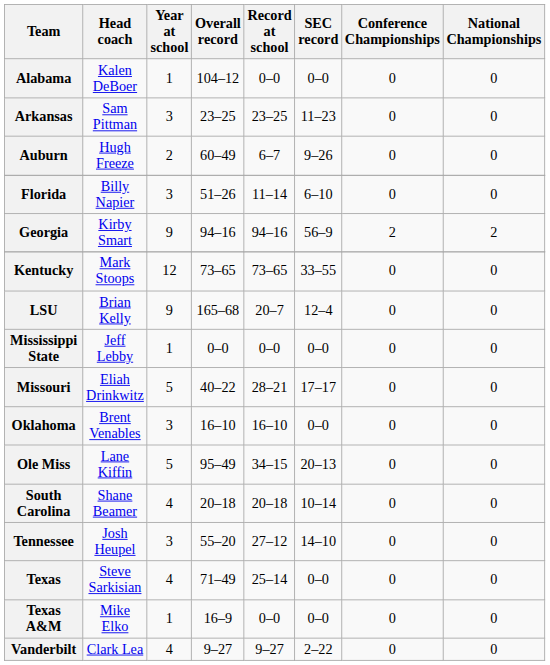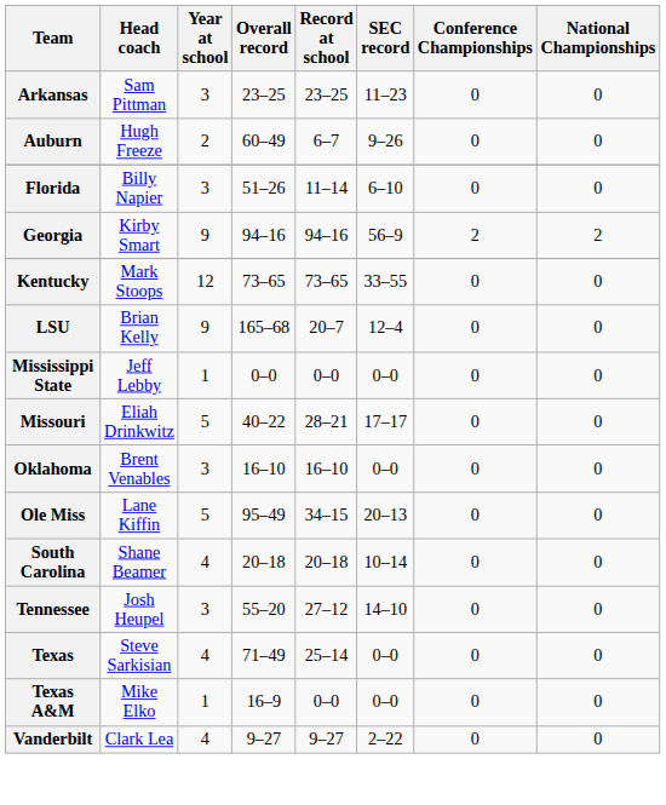 <table class="wikitable sortable" style="text-align: center;">
 <tr>
 <th style="width:110px;">Team</th>
 <th>Head coach</th>
 <th>Year at school</th>
 <th>Overall record</th>
 <th>Record at school</th>
 <th>SEC record</th>
 <th>Conference Championships</th>
 <th>National Championships</th>
-</tr>
-<tr>
-<th>Alabama</th>
-<td><a href='#'>Kalen DeBoer</a></td>
-<td>1</td>
-<td>104–12</td>
-<td>0–0</td>
-<td>0–0</td>
-<td>0</td>
-<td>0</td>
 </tr>
 <tr>
 <th>Arkansas</th>
 <td><a href='#'>Sam Pittman</a></td>
 <td>3</td>
 <td>23–25</td>
 <td>23–25</td>
 <td>11–23</td>
 <td>0</td>
 <td>0</td>
 </tr>
 <tr>
 <th>Auburn</th>
 <td><a href='#'>Hugh Freeze</a></td>
 <td>2</td>
 <td>60–49</td>
 <td>6–7</td>
 <td>9–26</td>
 <td>0</td>
 <td>0</td>
 </tr>
 <tr>
 </tr>
 <tr>
 <th>Florida</th>
 <td><a href='#'>Billy Napier</a></td>
 <td>3</td>
 <td>51–26</td>
 <td>11–14</td>
 <td>6–10</td>
 <td>0</td>
 <td>0</td>
 </tr>
 <tr>
 <th>Georgia</th>
 <td><a href='#'>Kirby Smart</a></td>
 <td>9</td>
 <td>94–16</td>
 <td>94–16</td>
 <td>56–9</td>
 <td>2</td>
 <td>2</td>
 </tr>
 <tr>
 </tr>
 <tr>
 <th>Kentucky</th>
 <td><a href='#'>Mark Stoops</a></td>
 <td>12</td>
 <td>73–65</td>
 <td>73–65</td>
 <td>33–55</td>
 <td>0</td>
 <td>0</td>
 </tr>
 <tr>
 <th>LSU</th>
 <td><a href='#'>Brian Kelly</a></td>
 <td>9</td>
 <td>165–68</td>
 <td>20–7</td>
 <td>12–4</td>
 <td>0</td>
 <td>0</td>
 </tr>
 <tr>
 <th>Mississippi State</th>
 <td><a href='#'>Jeff Lebby</a></td>
 <td>1</td>
 <td>0–0</td>
 <td>0–0</td>
 <td>0–0</td>
 <td>0</td>
 <td>0</td>
 </tr>
 <tr>
 <th>Missouri</th>
 <td><a href='#'>Eliah Drinkwitz</a></td>
 <td>5</td>
 <td>40–22</td>
 <td>28–21</td>
 <td>17–17</td>
 <td>0</td>
 <td>0</td>
 </tr>
 <tr>
 <th>Oklahoma</th>
 <td><a href='#'>Brent Venables</a></td>
 <td>3</td>
 <td>16–10</td>
 <td>16–10</td>
 <td>0–0</td>
 <td>0</td>
 <td>0</td>
 </tr>
 <tr>
 <th>Ole Miss</th>
 <td><a href='#'>Lane Kiffin</a></td>
 <td>5</td>
 <td>95–49</td>
 <td>34–15</td>
 <td>20–13</td>
 <td>0</td>
 <td>0</td>
 </tr>
 <tr>
 <th>South Carolina</th>
 <td><a href='#'>Shane Beamer</a></td>
 <td>4</td>
 <td>20–18</td>
 <td>20–18</td>
 <td>10–14</td>
 <td>0</td>
 <td>0</td>
 </tr>
 <tr>
 <th>Tennessee</th>
 <td><a href='#'>Josh Heupel</a></td>
 <td>3</td>
 <td>55–20</td>
 <td>27–12</td>
 <td>14–10</td>
 <td>0</td>
 <td>0</td>
 </tr>
 <tr>
 <th>Texas</th>
 <td><a href='#'>Steve Sarkisian</a></td>
 <td>4</td>
 <td>71–49</td>
 <td>25–14</td>
 <td>0–0</td>
 <td>0</td>
 <td>0</td>
 </tr>
 <tr>
 <th>Texas A&M</th>
 <td><a href='#'>Mike Elko</a></td>
 <td>1</td>
 <td>16–9</td>
 <td>0–0</td>
 <td>0–0</td>
 <td>0</td>
 <td>0</td>
 </tr>
 <tr>
 <th>Vanderbilt</th>
 <td><a href='#'>Clark Lea</a></td>
 <td>4</td>
 <td>9–27</td>
 <td>9–27</td>
 <td>2–22</td>
 <td>0</td>
 <td>0</td>
 </tr>
 </table>
